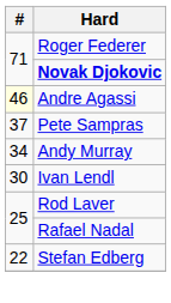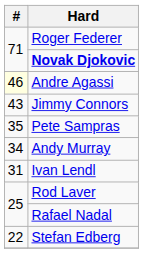 <table class="wikitable" style="display:inline-table;">
 <tr>
 <th width=20>#</th>
 <th>Hard</th>
 </tr>
 <tr>
 <td rowspan="2">71</td>
 <td> <a href='#'>Roger Federer</a></td>
 </tr>
 <tr>
 <td> <strong><a href='#'>Novak Djokovic</a></strong></td>
 </tr>
 <tr>
 <td style="background: lightyellow;">46</td>
 <td> <a href='#'>Andre Agassi</a></td>
 </tr>
 <tr>
-<td>37</td>
+<td>43</td>
+<td> <a href='#'>Jimmy Connors</a></td>
+</tr>
+<tr>
+<td>35</td>
 <td> <a href='#'>Pete Sampras</a></td>
 </tr>
 <tr>
 <td>34</td>
 <td> <a href='#'>Andy Murray</a></td>
 </tr>
 <tr>
-<td>30</td>
+<td>31</td>
 <td> <a href='#'>Ivan Lendl</a></td>
 </tr>
 <tr>
 <td rowspan="2">25</td>
 <td> <a href='#'>Rod Laver</a></td>
 </tr>
 <tr>
 <td> <a href='#'>Rafael Nadal</a></td>
 </tr>
 <tr>
 <td>22</td>
 <td> <a href='#'>Stefan Edberg</a></td>
 </tr>
 <tr>
 </tr>
 </table>
